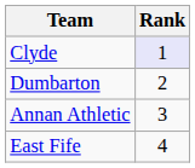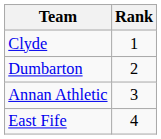 <table class="wikitable" style="text-align: center;">
 <tr>
 <th>Team</th>
 <th>Rank</th>
 </tr>
 <tr>
 <td style="text-align: left;"><a href='#'>Clyde</a></td>
-<td style="background: lavender;">1</td>
+<td>1</td>
 </tr>
 <tr>
 <td style="text-align: left;"><a href='#'>Dumbarton</a></td>
 <td>2</td>
 </tr>
 <tr>
 <td style="text-align: left;"><a href='#'>Annan Athletic</a></td>
 <td>3</td>
 </tr>
 <tr>
 <td style="text-align: left;"><a href='#'>East Fife</a></td>
 <td>4</td>
 </tr>
 </table>
